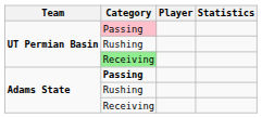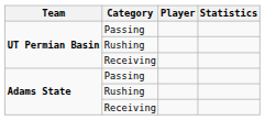 <table class="wikitable" style="float: right;">
 <tr>
 <th>Team</th>
 <th>Category</th>
 <th>Player</th>
 <th>Statistics</th>
 </tr>
 <tr>
 <td rowspan=3><strong>UT Permian Basin</strong></td>
-<td style="background: pink;">Passing</td>
+<td>Passing</td>
 <td></td>
 <td></td>
 </tr>
 <tr>
 <td>Rushing</td>
 <td></td>
 <td></td>
 </tr>
 <tr>
-<td style="background: lightgreen;">Receiving</td>
+<td>Receiving</td>
 <td></td>
 <td></td>
 </tr>
 <tr>
 <td rowspan=3><strong>Adams State</strong></td>
-<td><strong>Passing</strong></td>
+<td>Passing</td>
 <td></td>
 <td></td>
 </tr>
 <tr>
 <td>Rushing</td>
 <td></td>
 <td></td>
 </tr>
 <tr>
 <td>Receiving</td>
 <td></td>
 <td></td>
 </tr>
 </table>
